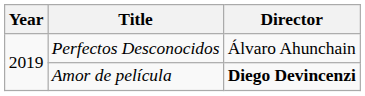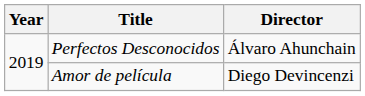 <table class="wikitable" style="font-size: 90%;">
 <tr>
 <th>Year</th>
 <th>Title</th>
 <th>Director</th>
 </tr>
 <tr>
 <td rowspan="2">2019</td>
 <td><em>Perfectos Desconocidos</em></td>
 <td>Álvaro Ahunchain</td>
 </tr>
 <tr>
 <td><em>Amor de película</em></td>
-<td><strong>Diego Devincenzi</strong></td>
+<td>Diego Devincenzi</td>
 </tr>
 </table>
